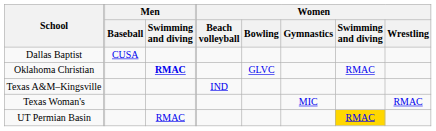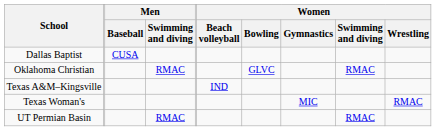 <table class="wikitable" style="text-align:center">
 <tr>
 <th rowspan=2>School</th>
 <th rowspan=7 width=1 style="padding:0"></th>
 <th colspan=2>Men</th>
 <th rowspan=7 width=1 style="padding:0"></th>
 <th colspan=5>Women</th>
 </tr>
 <tr>
 <th>Baseball</th>
 <th>Swimming<br>and diving</th>
 <th>Beach<br>volleyball</th>
 <th>Bowling</th>
 <th>Gymnastics</th>
 <th>Swimming<br>and diving</th>
 <th>Wrestling</th>
 </tr>
 <tr>
 <td>Dallas Baptist</td>
 <td><a href='#'>CUSA</a></td>
 <td></td>
 <td></td>
 <td></td>
 <td></td>
 <td></td>
 <td></td>
 </tr>
 <tr>
 <td>Oklahoma Christian</td>
 <td></td>
-<td><strong><a href='#'>RMAC</a></strong></td>
+<td><a href='#'>RMAC</a></td>
 <td></td>
 <td><a href='#'>GLVC</a></td>
 <td></td>
 <td><a href='#'>RMAC</a></td>
 <td></td>
 </tr>
 <tr>
 <td>Texas A&M–Kingsville</td>
 <td></td>
 <td></td>
 <td><a href='#'>IND</a></td>
 <td></td>
 <td></td>
 <td></td>
 <td></td>
 </tr>
 <tr>
 <td>Texas Woman's</td>
 <td></td>
 <td></td>
 <td></td>
 <td></td>
 <td><a href='#'>MIC</a></td>
 <td></td>
 <td><a href='#'>RMAC</a></td>
 </tr>
 <tr>
 <td>UT Permian Basin</td>
 <td></td>
 <td><a href='#'>RMAC</a></td>
 <td></td>
 <td></td>
 <td></td>
-<td style="background: gold;"><a href='#'>RMAC</a></td>
+<td><a href='#'>RMAC</a></td>
 <td></td>
 </tr>
 </table>
